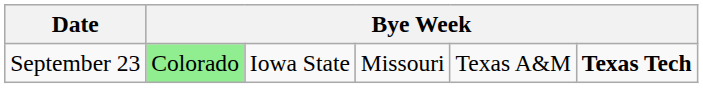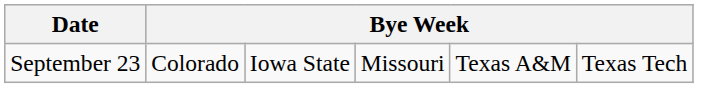 <table class="wikitable" style="font-size:95%">
 <tr>
 <th>Date</th>
 <th colspan="5">Bye Week</th>
 </tr>
 <tr>
 <td>September 23</td>
-<td style="background: lightgreen;">Colorado</td>
+<td>Colorado</td>
 <td>Iowa State</td>
 <td>Missouri</td>
 <td>Texas A&M</td>
-<td><strong>Texas Tech</strong></td>
+<td>Texas Tech</td>
 </tr>
 </table>
